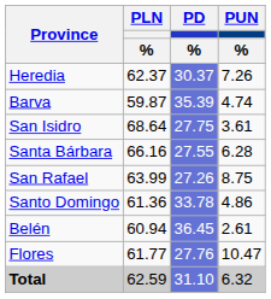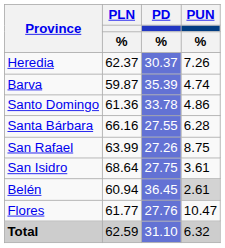 <table class="wikitable mw-collapsible mw-collapsed">
 <tr>
 <th rowspan="3"><a href='#'>Province</a></th>
 <th colspan="1" width="40px"><a href='#'>PLN</a></th>
 <th colspan="1" width="40px"><a href='#'>PD</a></th>
 <th colspan="1" width="40px"><a href='#'>PUN</a></th>
 </tr>
 <tr>
 <th colspan="1" style="background:"></th>
 <th colspan="1" style="background:#2136C2"></th>
 <th colspan="1" style="background:#013d82"></th>
 </tr>
 <tr>
 <th data-sort-type="number">%</th>
 <th data-sort-type="number">%</th>
 <th data-sort-type="number">%</th>
 </tr>
 <tr>
 <td align="left"><a href='#'>Heredia</a></td>
 <td style="background:">62.37</td>
 <td style="background:#6372d4; color:white;">30.37</td>
 <td>7.26</td>
 </tr>
 <tr>
 <td align="left"><a href='#'>Barva</a></td>
 <td style="background:">59.87</td>
 <td style="background:#6372d4; color:white;">35.39</td>
 <td>4.74</td>
 </tr>
 <tr>
-<td align="left"><a href='#'>San Isidro</a></td>
-<td style="background:">68.64</td>
-<td style="background:#6372d4; color:white;">27.75</td>
-<td>3.61</td>
+<td align="left"><a href='#'>Santo Domingo</a></td>
+<td style="background:">61.36</td>
+<td style="background:#6372d4; color:white;">33.78</td>
+<td>4.86</td>
 </tr>
 <tr>
 <td align="left"><a href='#'>Santa Bárbara</a></td>
 <td style="background:">66.16</td>
 <td style="background:#6372d4; color:white;">27.55</td>
 <td>6.28</td>
 </tr>
 <tr>
 <td align="left"><a href='#'>San Rafael</a></td>
 <td style="background:">63.99</td>
 <td style="background:#6372d4; color:white;">27.26</td>
 <td>8.75</td>
 </tr>
 <tr>
-<td align="left"><a href='#'>Santo Domingo</a></td>
-<td style="background:">61.36</td>
-<td style="background:#6372d4; color:white;">33.78</td>
-<td>4.86</td>
+<td align="left"><a href='#'>San Isidro</a></td>
+<td style="background:">68.64</td>
+<td style="background:#6372d4; color:white;">27.75</td>
+<td>3.61</td>
 </tr>
 <tr>
 <td align="left"><a href='#'>Belén</a></td>
 <td style="background:">60.94</td>
 <td style="background:#6372d4; color:white;">36.45</td>
-<td>2.61</td>
+<td style="background: lightgrey;">2.61</td>
 </tr>
 <tr>
 <td align="left"><a href='#'>Flores</a></td>
 <td style="background:">61.77</td>
 <td style="background:#6372d4; color:white;">27.76</td>
 <td>10.47</td>
 </tr>
 <tr style="background:#CDCDCD;">
 <td align="left"><strong>Total</strong></td>
 <td style="background:">62.59</td>
 <td style="background:#6372d4; color:white;">31.10</td>
 <td>6.32</td>
 </tr>
 </table>
